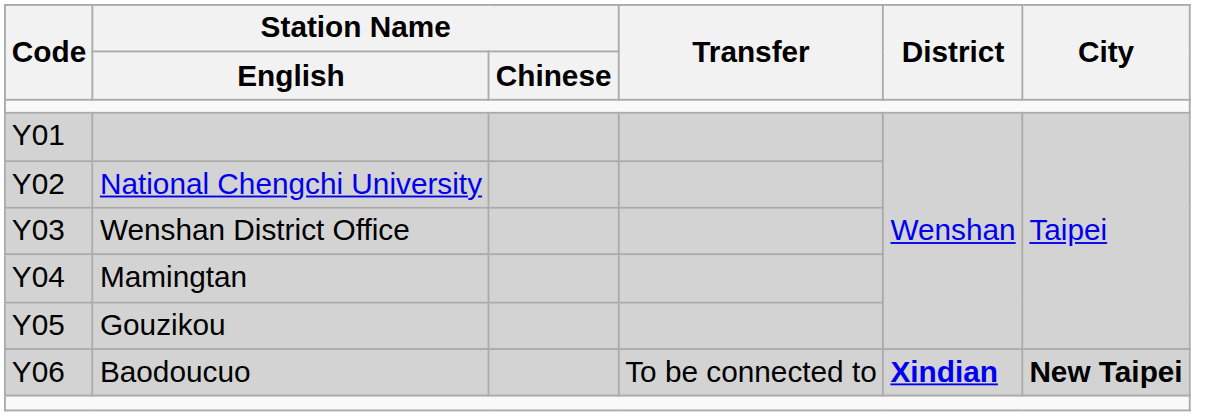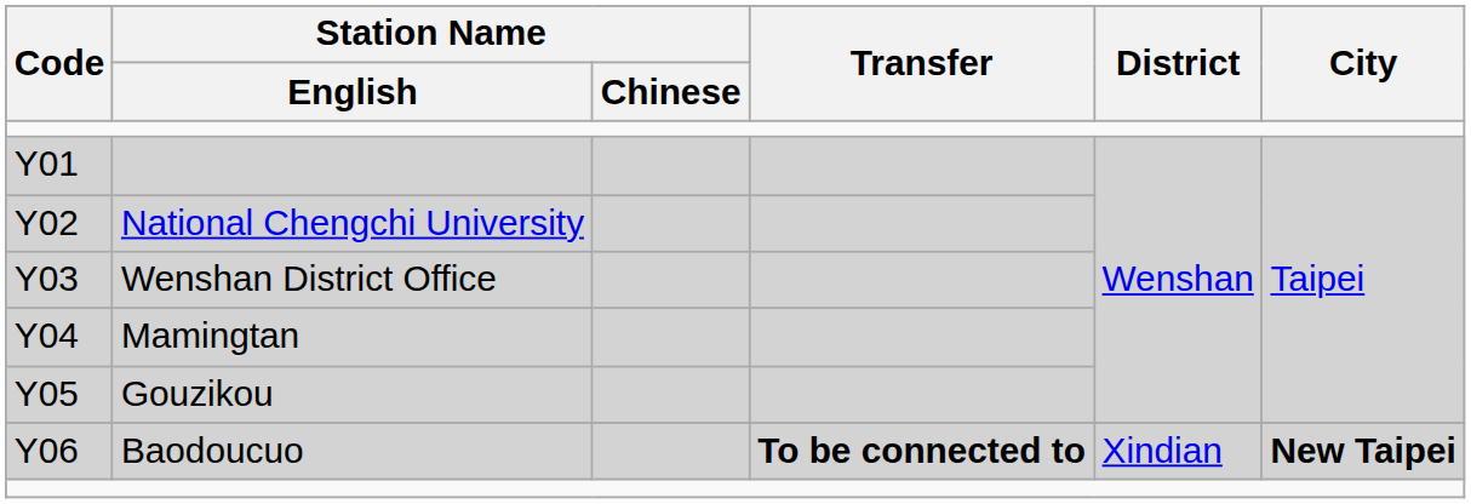 <table class="wikitable">
 <tr>
 <th rowspan="2">Code</th>
 <th colspan="2">Station Name</th>
 <th rowspan="2">Transfer</th>
 <th rowspan="2">District</th>
 <th rowspan="2"><strong>City</strong></th>
 </tr>
 <tr>
 <th>English</th>
 <th>Chinese</th>
 </tr>
 <tr>
 <td colspan = "6"></td>
 </tr>
 <tr bgcolor = "lightgrey">
 <td>Y01</td>
 <td></td>
 <td></td>
 <td> </td>
 <td rowspan="5"><a href='#'>Wenshan</a></td>
 <td rowspan="5"><a href='#'>Taipei</a></td>
 </tr>
 <tr bgcolor = "lightgrey">
 <td>Y02</td>
 <td><a href='#'>National Chengchi University</a></td>
 <td></td>
 <td></td>
 </tr>
 <tr bgcolor = "lightgrey">
 <td>Y03</td>
 <td>Wenshan District Office</td>
 <td></td>
 <td></td>
 </tr>
 <tr bgcolor = "lightgrey">
 <td>Y04</td>
 <td>Mamingtan</td>
 <td></td>
 <td></td>
 </tr>
 <tr bgcolor = "lightgrey">
 <td>Y05</td>
 <td>Gouzikou</td>
 <td></td>
 <td></td>
 </tr>
 <tr bgcolor = "lightgrey">
 <td>Y06</td>
 <td>Baodoucuo</td>
 <td></td>
-<td>To be connected to </td>
-<td><strong><a href='#'>Xindian</a></strong></td>
+<td><strong>To be connected to </strong></td>
+<td><a href='#'>Xindian</a></td>
 <td><strong>New Taipei</strong></td>
 </tr>
 <tr>
 <td colspan = "6"></td>
 </tr>
 </table>
